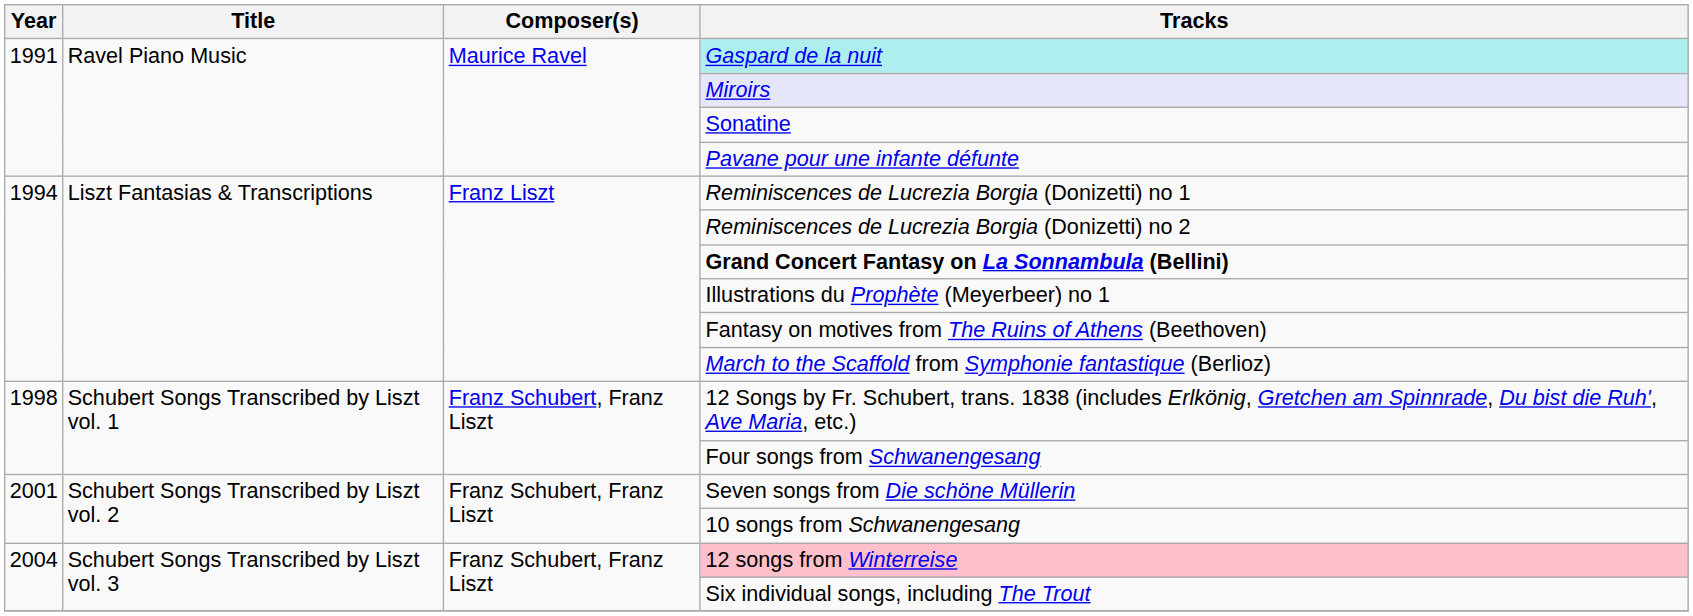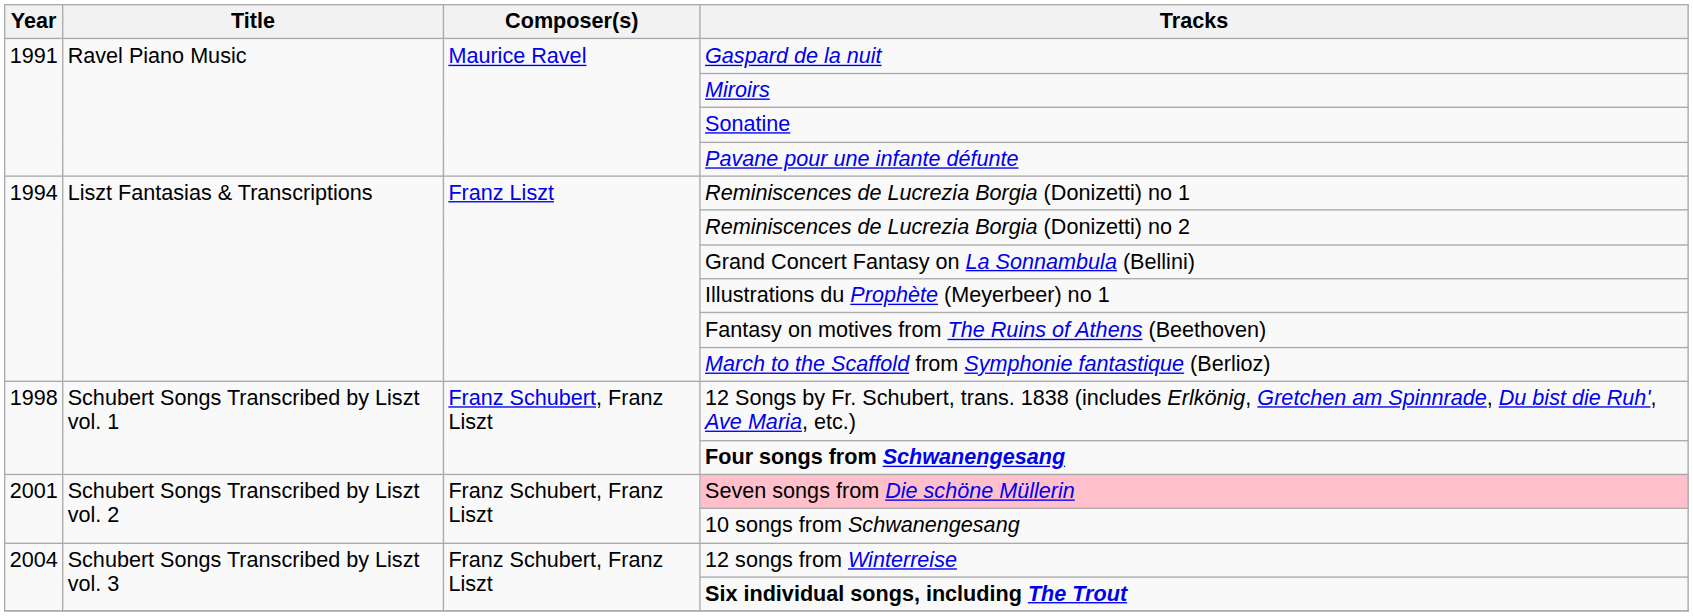 <table class="wikitable">
 <tr>
 <th align="left" valign="top">Year</th>
 <th align="left" valign="top">Title</th>
 <th align="left" valign="top">Composer(s)</th>
 <th align="left" valign="top">Tracks</th>
 </tr>
 <tr>
 <td align="left" rowspan="4" valign="top">1991</td>
 <td align="left" rowspan="4" valign="top">Ravel Piano Music</td>
 <td align="left" rowspan="4" valign="top"><a href='#'>Maurice Ravel</a></td>
-<td align="left" valign="top" style="background: paleturquoise;"><em><a href='#'>Gaspard de la nuit</a></em></td>
+<td align="left" valign="top"><em><a href='#'>Gaspard de la nuit</a></em></td>
 </tr>
 <tr>
-<td align="left" valign="top" style="background: lavender;"><em><a href='#'>Miroirs</a></em></td>
+<td align="left" valign="top"><em><a href='#'>Miroirs</a></em></td>
 </tr>
 <tr>
 <td align="left" valign="top"><a href='#'>Sonatine</a></td>
 </tr>
 <tr>
 <td align="left" valign="top"><em><a href='#'>Pavane pour une infante défunte</a></em></td>
 </tr>
 <tr>
 <td align="left" rowspan="6" valign="top">1994</td>
 <td align="left" rowspan="6" valign="top">Liszt Fantasias & Transcriptions</td>
 <td align="left" rowspan="6" valign="top"><a href='#'>Franz Liszt</a></td>
 <td align="left" valign="top"><em>Reminiscences de Lucrezia Borgia</em> (Donizetti) no 1</td>
 </tr>
 <tr>
 <td align="left" valign="top"><em>Reminiscences de Lucrezia Borgia</em> (Donizetti) no 2</td>
 </tr>
 <tr>
-<td align="left" valign="top"><strong>Grand Concert Fantasy on <em><a href='#'>La Sonnambula</a></em> (Bellini)</strong></td>
+<td align="left" valign="top">Grand Concert Fantasy on <em><a href='#'>La Sonnambula</a></em> (Bellini)</td>
 </tr>
 <tr>
 <td align="left" valign="top">Illustrations du <em><a href='#'>Prophète</a></em> (Meyerbeer) no 1</td>
 </tr>
 <tr>
 <td align="left" valign="top">Fantasy on motives from <em><a href='#'>The Ruins of Athens</a></em> (Beethoven)</td>
 </tr>
 <tr>
 <td align="left" valign="top"><em><a href='#'>March to the Scaffold</a></em> from <em><a href='#'>Symphonie fantastique</a></em> (Berlioz)</td>
 </tr>
 <tr>
 <td align="left" rowspan="2" valign="top">1998</td>
 <td align="left" rowspan="2" valign="top">Schubert Songs Transcribed by Liszt vol. 1</td>
 <td align="left" rowspan="2" valign="top"><a href='#'>Franz Schubert</a>, Franz Liszt</td>
 <td align="left" valign="top">12 Songs by Fr. Schubert, trans. 1838 (includes <em>Erlkönig</em>, <em><a href='#'>Gretchen am Spinnrade</a></em>, <em><a href='#'>Du bist die Ruh'</a></em>, <em><a href='#'>Ave Maria</a></em>, etc.)</td>
 </tr>
 <tr>
-<td align="left" valign="top">Four songs from <em><a href='#'>Schwanengesang</a></em></td>
+<td align="left" valign="top"><strong>Four songs from <em><a href='#'>Schwanengesang</a></em></strong></td>
 </tr>
 <tr>
 <td align="left" rowspan="2" valign="top">2001</td>
 <td align="left" rowspan="2" valign="top">Schubert Songs Transcribed by Liszt vol. 2</td>
 <td align="left" rowspan="2" valign="top">Franz Schubert, Franz Liszt</td>
-<td align="left" valign="top">Seven songs from <em><a href='#'>Die schöne Müllerin</a></em></td>
+<td align="left" valign="top" style="background: pink;">Seven songs from <em><a href='#'>Die schöne Müllerin</a></em></td>
 </tr>
 <tr>
 <td align="left" valign="top">10 songs from <em>Schwanengesang</em></td>
 </tr>
 <tr>
 <td align="left" rowspan="2" valign="top">2004</td>
 <td align="left" rowspan="2" valign="top">Schubert Songs Transcribed by Liszt vol. 3</td>
 <td align="left" rowspan="2" valign="top">Franz Schubert, Franz Liszt</td>
-<td align="left" valign="top" style="background: pink;">12 songs from <em><a href='#'>Winterreise</a></em></td>
+<td align="left" valign="top">12 songs from <em><a href='#'>Winterreise</a></em></td>
 </tr>
 <tr>
-<td align="left" valign="top">Six individual songs, including <em><a href='#'>The Trout</a></em></td>
+<td align="left" valign="top"><strong>Six individual songs, including <em><a href='#'>The Trout</a></em></strong></td>
 </tr>
 <tr>
 </tr>
 </table>
